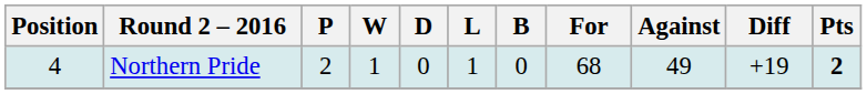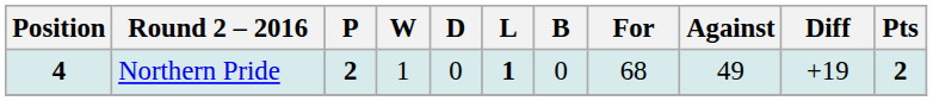 <table class="wikitable" style="text-align:center; font-size:85%;">
 <tr>
 <th width=40 abbr="Position">Position</th>
 <th width=100>Round 2 – 2016</th>
 <th width=20 abbr="Played">P</th>
 <th width=20 abbr="Won">W</th>
 <th width=20 abbr="Drawn">D</th>
 <th width=20 abbr="Lost">L</th>
 <th width=20 abbr="Bye">B</th>
 <th width=40 abbr="Points for">For</th>
 <th width=40 abbr="Points against">Against</th>
 <th width=40 abbr="Points difference">Diff</th>
 <th width=20 abbr="Points">Pts</th>
 </tr>
 <tr style="background: #d7ebed;">
-<td>4</td>
+<td><strong>4</strong></td>
 <td style="text-align:left;"> <a href='#'>Northern Pride</a></td>
-<td>2</td>
+<td><strong>2</strong></td>
 <td>1</td>
 <td>0</td>
-<td>1</td>
+<td><strong>1</strong></td>
 <td>0</td>
 <td>68</td>
 <td>49</td>
 <td>+19</td>
 <td><strong>2</strong></td>
 </tr>
 <tr>
 </tr>
 </table>
